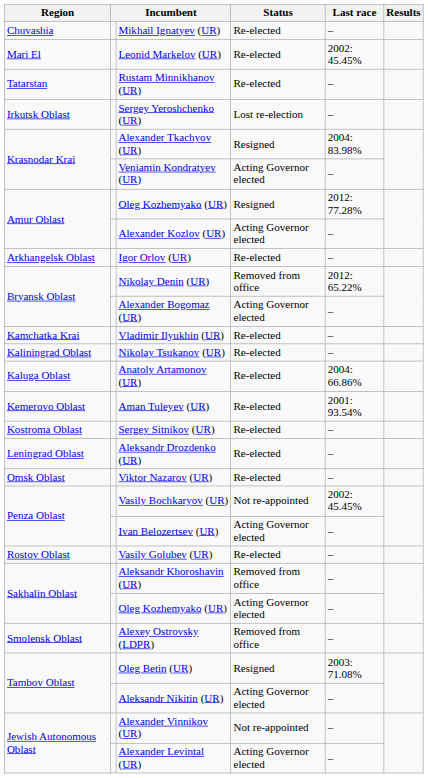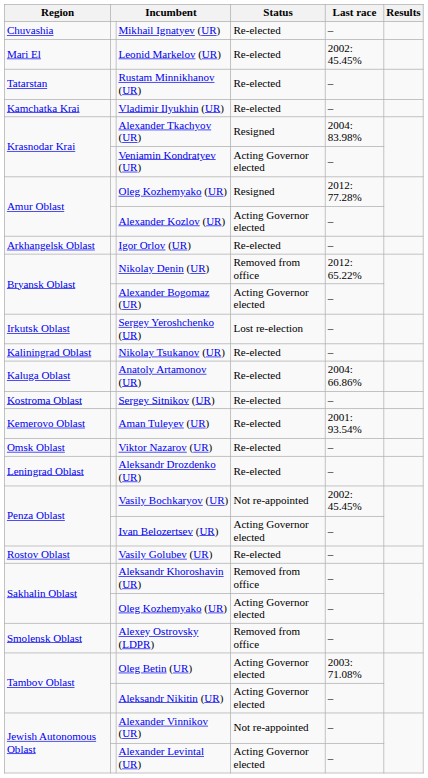 <table class="wikitable">
 <tr>
 <th>Region</th>
 <th colspan=2>Incumbent</th>
 <th>Status</th>
 <th>Last race</th>
 <th>Results</th>
 </tr>
 <tr>
 <td><a href='#'>Chuvashia</a></td>
 <td style="background-color:"></td>
 <td><a href='#'>Mikhail Ignatyev</a> (<a href='#'>UR</a>)</td>
 <td>Re-elected</td>
 <td>–</td>
 <td nowrap></td>
 </tr>
 <tr>
 <td><a href='#'>Mari El</a></td>
 <td style="background-color:"></td>
 <td><a href='#'>Leonid Markelov</a> (<a href='#'>UR</a>)</td>
 <td>Re-elected</td>
 <td>2002: 45.45%</td>
 <td nowrap></td>
 </tr>
 <tr>
 <td><a href='#'>Tatarstan</a></td>
 <td style="background-color:"></td>
 <td><a href='#'>Rustam Minnikhanov</a> (<a href='#'>UR</a>)</td>
 <td>Re-elected</td>
 <td>–</td>
 <td nowrap></td>
 </tr>
 <tr>
-<td><a href='#'>Irkutsk Oblast</a></td>
+<td><a href='#'>Kamchatka Krai</a></td>
 <td style="background-color:"></td>
-<td><a href='#'>Sergey Yeroshchenko</a> (<a href='#'>UR</a>)</td>
-<td>Lost re-election</td>
+<td><a href='#'>Vladimir Ilyukhin</a> (<a href='#'>UR</a>)</td>
+<td>Re-elected</td>
 <td>–</td>
 <td nowrap></td>
 </tr>
 <tr>
 <td rowspan=2><a href='#'>Krasnodar Krai</a></td>
 <td style="background-color:"></td>
 <td><a href='#'>Alexander Tkachyov</a> (<a href='#'>UR</a>)</td>
 <td>Resigned</td>
 <td>2004: 83.98%</td>
 <td rowspan=2></td>
 </tr>
 <tr>
 <td style="background-color:"></td>
 <td><a href='#'>Veniamin Kondratyev</a> (<a href='#'>UR</a>)</td>
 <td>Acting Governor elected</td>
 <td>–</td>
 </tr>
 <tr>
 <td rowspan=2><a href='#'>Amur Oblast</a></td>
 <td style="background-color:"></td>
 <td><a href='#'>Oleg Kozhemyako</a> (<a href='#'>UR</a>)</td>
 <td>Resigned</td>
 <td>2012: 77.28%</td>
 <td rowspan=2></td>
 </tr>
 <tr>
 <td style="background-color:"></td>
 <td><a href='#'>Alexander Kozlov</a> (<a href='#'>UR</a>)</td>
 <td>Acting Governor elected</td>
 <td>–</td>
 </tr>
 <tr>
 <td><a href='#'>Arkhangelsk Oblast</a></td>
 <td style="background-color:"></td>
 <td><a href='#'>Igor Orlov</a> (<a href='#'>UR</a>)</td>
 <td>Re-elected</td>
 <td>–</td>
 <td nowrap></td>
 </tr>
 <tr>
 <td rowspan=2><a href='#'>Bryansk Oblast</a></td>
 <td style="background-color:"></td>
 <td><a href='#'>Nikolay Denin</a> (<a href='#'>UR</a>)</td>
 <td>Removed from office</td>
 <td>2012: 65.22%</td>
 <td rowspan=2></td>
 </tr>
 <tr>
 <td style="background-color:"></td>
 <td><a href='#'>Alexander Bogomaz</a> (<a href='#'>UR</a>)</td>
 <td>Acting Governor elected</td>
 <td>–</td>
 </tr>
 <tr>
-<td><a href='#'>Kamchatka Krai</a></td>
+<td><a href='#'>Irkutsk Oblast</a></td>
 <td style="background-color:"></td>
-<td><a href='#'>Vladimir Ilyukhin</a> (<a href='#'>UR</a>)</td>
-<td>Re-elected</td>
+<td><a href='#'>Sergey Yeroshchenko</a> (<a href='#'>UR</a>)</td>
+<td>Lost re-election</td>
 <td>–</td>
 <td nowrap></td>
 </tr>
 <tr>
 <td><a href='#'>Kaliningrad Oblast</a></td>
 <td style="background-color:"></td>
 <td><a href='#'>Nikolay Tsukanov</a> (<a href='#'>UR</a>)</td>
 <td>Re-elected</td>
 <td>–</td>
 <td nowrap></td>
 </tr>
 <tr>
 <td><a href='#'>Kaluga Oblast</a></td>
 <td style="background-color:"></td>
 <td><a href='#'>Anatoly Artamonov</a> (<a href='#'>UR</a>)</td>
 <td>Re-elected</td>
 <td>2004: 66.86%</td>
 <td nowrap></td>
 </tr>
 <tr>
+<td><a href='#'>Kostroma Oblast</a></td>
+<td style="background-color:"></td>
+<td><a href='#'>Sergey Sitnikov</a> (<a href='#'>UR</a>)</td>
+<td>Re-elected</td>
+<td>–</td>
+<td nowrap></td>
+</tr>
+<tr>
 <td><a href='#'>Kemerovo Oblast</a></td>
 <td style="background-color:"></td>
 <td><a href='#'>Aman Tuleyev</a> (<a href='#'>UR</a>)</td>
 <td>Re-elected</td>
 <td>2001: 93.54%</td>
 <td nowrap></td>
 </tr>
 <tr>
-<td><a href='#'>Kostroma Oblast</a></td>
+<td><a href='#'>Omsk Oblast</a></td>
 <td style="background-color:"></td>
-<td><a href='#'>Sergey Sitnikov</a> (<a href='#'>UR</a>)</td>
+<td><a href='#'>Viktor Nazarov</a> (<a href='#'>UR</a>)</td>
 <td>Re-elected</td>
 <td>–</td>
 <td nowrap></td>
 </tr>
 <tr>
 <td><a href='#'>Leningrad Oblast</a></td>
 <td style="background-color:"></td>
 <td><a href='#'>Aleksandr Drozdenko</a> (<a href='#'>UR</a>)</td>
-<td>Re-elected</td>
-<td>–</td>
-<td nowrap></td>
-</tr>
-<tr>
-<td><a href='#'>Omsk Oblast</a></td>
-<td style="background-color:"></td>
-<td><a href='#'>Viktor Nazarov</a> (<a href='#'>UR</a>)</td>
 <td>Re-elected</td>
 <td>–</td>
 <td nowrap></td>
 </tr>
 <tr>
 <td rowspan=2><a href='#'>Penza Oblast</a></td>
 <td style="background-color:"></td>
 <td><a href='#'>Vasily Bochkaryov</a> (<a href='#'>UR</a>)</td>
 <td>Not re-appointed</td>
 <td>2002: 45.45%</td>
 <td rowspan=2></td>
 </tr>
 <tr>
 <td style="background-color:"></td>
 <td><a href='#'>Ivan Belozertsev</a> (<a href='#'>UR</a>)</td>
 <td>Acting Governor elected</td>
 <td>–</td>
 </tr>
 <tr>
 <td><a href='#'>Rostov Oblast</a></td>
 <td style="background-color:"></td>
 <td><a href='#'>Vasily Golubev</a> (<a href='#'>UR</a>)</td>
 <td>Re-elected</td>
 <td>–</td>
 <td nowrap></td>
 </tr>
 <tr>
 <td rowspan=2><a href='#'>Sakhalin Oblast</a></td>
 <td style="background-color:"></td>
 <td><a href='#'>Aleksandr Khoroshavin</a> (<a href='#'>UR</a>)</td>
 <td>Removed from office</td>
 <td>–</td>
 <td rowspan=2></td>
 </tr>
 <tr>
 <td style="background-color:"></td>
 <td><a href='#'>Oleg Kozhemyako</a> (<a href='#'>UR</a>)</td>
 <td>Acting Governor elected</td>
 <td>–</td>
 </tr>
 <tr>
 <td><a href='#'>Smolensk Oblast</a></td>
 <td style="background-color:"></td>
 <td><a href='#'>Alexey Ostrovsky</a> (<a href='#'>LDPR</a>)</td>
 <td>Removed from office</td>
 <td>–</td>
 <td nowrap></td>
 </tr>
 <tr>
 <td rowspan=2><a href='#'>Tambov Oblast</a></td>
 <td style="background-color:"></td>
 <td><a href='#'>Oleg Betin</a> (<a href='#'>UR</a>)</td>
-<td>Resigned</td>
+<td>Acting Governor elected</td>
 <td>2003: 71.08%</td>
 <td rowspan=2></td>
 </tr>
 <tr>
 <td style="background-color:"></td>
 <td><a href='#'>Aleksandr Nikitin</a> (<a href='#'>UR</a>)</td>
 <td>Acting Governor elected</td>
 <td>–</td>
 </tr>
 <tr>
 <td rowspan=2><a href='#'>Jewish Autonomous Oblast</a></td>
 <td style="background-color:"></td>
 <td><a href='#'>Alexander Vinnikov</a> (<a href='#'>UR</a>)</td>
 <td>Not re-appointed</td>
 <td>–</td>
 <td rowspan=2></td>
 </tr>
 <tr>
 <td style="background-color:"></td>
 <td><a href='#'>Alexander Levintal</a> (<a href='#'>UR</a>)</td>
 <td>Acting Governor elected</td>
 <td>–</td>
 </tr>
 </table>
